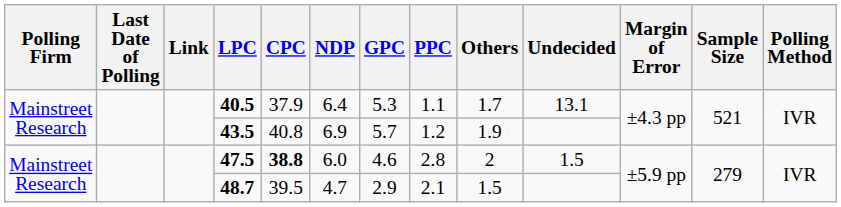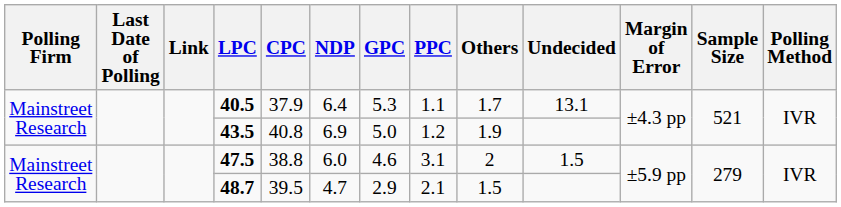 <table class="wikitable sortable" style="text-align:center;font-size:90%;line-height:14px;">
 <tr style="background:#e9e9e9;">
 <th style="width:120px">Polling Firm</th>
 <th style="width:110px">Last Date<br>of Polling</th>
 <th style="width:60px" class="unsortable">Link</th>
 <th style="background-color:"><a href='#'>LPC</a></th>
 <th style="background-color:"><a href='#'>CPC</a></th>
 <th style="background-color:"><a href='#'>NDP</a></th>
 <th style="background-color:"><a href='#'>GPC</a></th>
 <th style="background-color:"><a href='#'><span>PPC</span></a></th>
 <th style="background-color:">Others</th>
 <th style="background-color:">Undecided</th>
 <th style="width:60px;" class=unsortable>Margin<br>of Error</th>
 <th style="width:50px;" class=unsortable>Sample<br>Size</th>
 <th class=unsortable>Polling Method</th>
 </tr>
 <tr>
 <td rowspan="2"><a href='#'>Mainstreet Research</a></td>
 <td rowspan="2"></td>
 <td rowspan="2"></td>
 <td><strong>40.5</strong></td>
 <td>37.9</td>
 <td>6.4</td>
 <td>5.3</td>
 <td>1.1</td>
 <td>1.7</td>
 <td>13.1</td>
 <td rowspan="2">±4.3 pp</td>
 <td rowspan="2">521</td>
 <td rowspan="2">IVR</td>
 </tr>
 <tr>
 <td><strong>43.5</strong></td>
 <td>40.8</td>
 <td>6.9</td>
-<td>5.7</td>
+<td>5.0</td>
 <td>1.2</td>
 <td>1.9</td>
 <td></td>
 </tr>
 <tr>
 <td rowspan="2"><a href='#'>Mainstreet Research</a></td>
 <td rowspan="2"></td>
 <td rowspan="2"></td>
 <td><strong>47.5</strong></td>
-<td><strong>38.8</strong></td>
+<td>38.8</td>
 <td>6.0</td>
 <td>4.6</td>
-<td>2.8</td>
+<td>3.1</td>
 <td>2</td>
 <td>1.5</td>
 <td rowspan="2">±5.9 pp</td>
 <td rowspan="2">279</td>
 <td rowspan="2">IVR</td>
 </tr>
 <tr>
 <td><strong>48.7</strong></td>
 <td>39.5</td>
 <td>4.7</td>
 <td>2.9</td>
 <td>2.1</td>
 <td>1.5</td>
 <td></td>
 </tr>
 </table>
